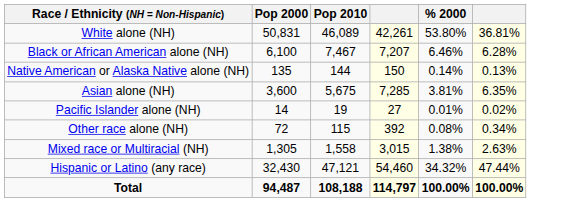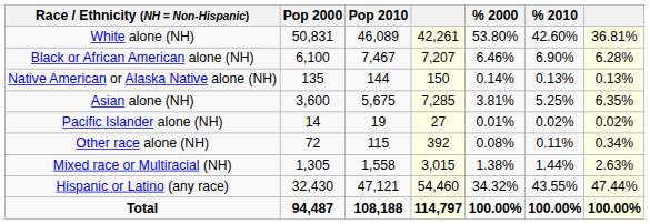 <table class="wikitable" style="text-align:center;">
 <tr>
 <th>Race / Ethnicity <small>(<em>NH = Non-Hispanic</em>)</small></th>
 <th>Pop 2000</th>
 <th>Pop 2010</th>
 <th></th>
 <th>% 2000</th>
+<th>% 2010</th>
 <th></th>
 </tr>
 <tr>
 <td><a href='#'>White</a> alone (NH)</td>
 <td>50,831</td>
 <td>46,089</td>
 <td style='background: #ffffe6;'>42,261</td>
 <td>53.80%</td>
+<td>42.60%</td>
 <td style='background: #ffffe6;'>36.81%</td>
 </tr>
 <tr>
 <td><a href='#'>Black or African American</a> alone (NH)</td>
 <td>6,100</td>
 <td>7,467</td>
 <td style='background: #ffffe6;'>7,207</td>
 <td>6.46%</td>
+<td>6.90%</td>
 <td style='background: #ffffe6;'>6.28%</td>
 </tr>
 <tr>
 <td><a href='#'>Native American</a> or <a href='#'>Alaska Native</a> alone (NH)</td>
 <td>135</td>
 <td>144</td>
 <td style='background: #ffffe6;'>150</td>
 <td>0.14%</td>
+<td>0.13%</td>
 <td style='background: #ffffe6;'>0.13%</td>
 </tr>
 <tr>
 <td><a href='#'>Asian</a> alone (NH)</td>
 <td>3,600</td>
 <td>5,675</td>
 <td style='background: #ffffe6;'>7,285</td>
 <td>3.81%</td>
+<td>5.25%</td>
 <td style='background: #ffffe6;'>6.35%</td>
 </tr>
 <tr>
 <td><a href='#'>Pacific Islander</a> alone (NH)</td>
 <td>14</td>
 <td>19</td>
 <td style='background: #ffffe6;'>27</td>
 <td>0.01%</td>
+<td>0.02%</td>
 <td style='background: #ffffe6;'>0.02%</td>
 </tr>
 <tr>
 <td><a href='#'>Other race</a> alone (NH)</td>
 <td>72</td>
 <td>115</td>
 <td style='background: #ffffe6;'>392</td>
 <td>0.08%</td>
+<td>0.11%</td>
 <td style='background: #ffffe6;'>0.34%</td>
 </tr>
 <tr>
 <td><a href='#'>Mixed race or Multiracial</a> (NH)</td>
 <td>1,305</td>
 <td>1,558</td>
 <td style='background: #ffffe6;'>3,015</td>
 <td>1.38%</td>
+<td>1.44%</td>
 <td style='background: #ffffe6;'>2.63%</td>
 </tr>
 <tr>
 <td><a href='#'>Hispanic or Latino</a> (any race)</td>
 <td>32,430</td>
 <td>47,121</td>
 <td style='background: #ffffe6;'>54,460</td>
 <td>34.32%</td>
+<td>43.55%</td>
 <td style='background: #ffffe6;'>47.44%</td>
 </tr>
 <tr>
 <td><strong>Total</strong></td>
 <td><strong>94,487</strong></td>
 <td><strong>108,188</strong></td>
 <td style='background: #ffffe6;'><strong>114,797</strong></td>
 <td><strong>100.00%</strong></td>
+<td><strong>100.00%</strong></td>
 <td style='background: #ffffe6;'><strong>100.00%</strong></td>
 </tr>
 </table>
